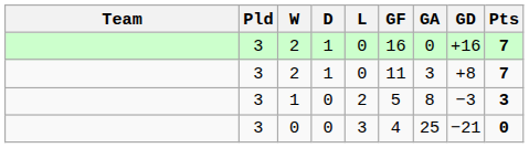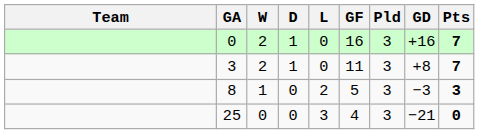 <table class="wikitable" style="text-align:center;">
 <tr>
 <th width=175>Team</th>
-<th width=20 abbr="Played">Pld</th>
+<th width=20 abbr="Goals against">GA</th>
 <th width=20 abbr="Won">W</th>
 <th width=20 abbr="Drawn">D</th>
 <th width=20 abbr="Lost">L</th>
 <th width=20 abbr="Goals for">GF</th>
-<th width=20 abbr="Goals against">GA</th>
+<th width=20 abbr="Played">Pld</th>
 <th width=20 abbr="Goal difference">GD</th>
 <th width=20 abbr="Points">Pts</th>
 </tr>
 <tr bgcolor=#ccffcc>
 <td align="left"></td>
-<td>3</td>
+<td>0</td>
 <td>2</td>
 <td>1</td>
 <td>0</td>
 <td>16</td>
-<td>0</td>
+<td>3</td>
 <td>+16</td>
 <td><strong>7</strong></td>
 </tr>
 <tr>
 <td align="left"></td>
 <td>3</td>
 <td>2</td>
 <td>1</td>
 <td>0</td>
 <td>11</td>
 <td>3</td>
 <td>+8</td>
 <td><strong>7</strong></td>
 </tr>
 <tr>
 <td align="left"></td>
-<td>3</td>
+<td>8</td>
 <td>1</td>
 <td>0</td>
 <td>2</td>
 <td>5</td>
-<td>8</td>
+<td>3</td>
 <td>−3</td>
 <td><strong>3</strong></td>
 </tr>
 <tr>
 <td align="left"></td>
-<td>3</td>
+<td>25</td>
 <td>0</td>
 <td>0</td>
 <td>3</td>
 <td>4</td>
-<td>25</td>
+<td>3</td>
 <td>−21</td>
 <td><strong>0</strong></td>
 </tr>
 </table>
